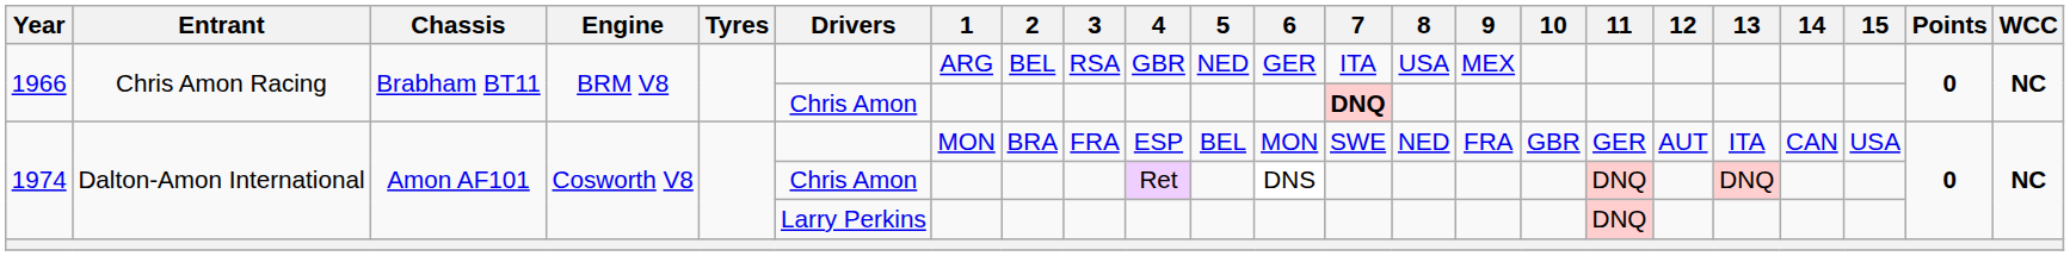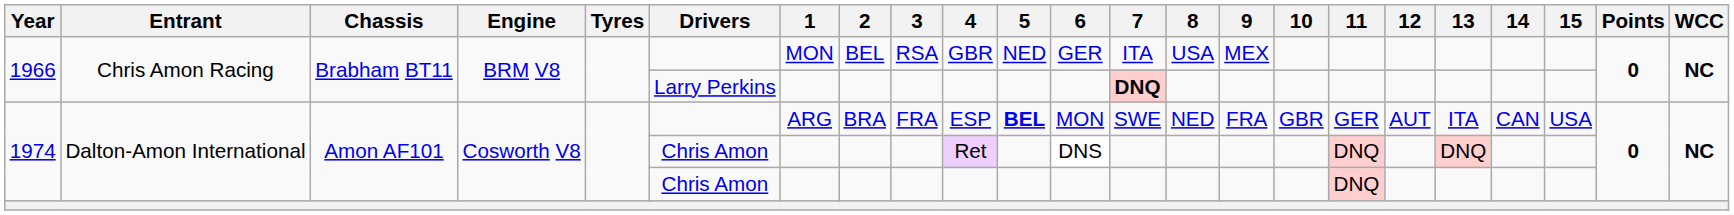 <table class="wikitable" style="text-align:center; font-size:85%">
 <tr>
 <th>Year</th>
 <th>Entrant</th>
 <th>Chassis</th>
 <th>Engine</th>
 <th>Tyres</th>
 <th>Drivers</th>
 <th>1</th>
 <th>2</th>
 <th>3</th>
 <th>4</th>
 <th>5</th>
 <th>6</th>
 <th>7</th>
 <th>8</th>
 <th>9</th>
 <th>10</th>
 <th>11</th>
 <th>12</th>
 <th>13</th>
 <th>14</th>
 <th>15</th>
 <th>Points</th>
 <th>WCC</th>
 </tr>
 <tr>
 <td rowspan="2"><a href='#'>1966</a></td>
 <td rowspan="2">Chris Amon Racing</td>
 <td rowspan="2"><a href='#'>Brabham</a> <a href='#'>BT11</a></td>
 <td rowspan="2"><a href='#'>BRM</a> <a href='#'>V8</a></td>
 <td rowspan="2"></td>
 <td></td>
-<td><a href='#'>ARG</a></td>
+<td><a href='#'>MON</a></td>
 <td><a href='#'>BEL</a></td>
 <td><a href='#'>RSA</a></td>
 <td><a href='#'>GBR</a></td>
 <td><a href='#'>NED</a></td>
 <td><a href='#'>GER</a></td>
 <td><a href='#'>ITA</a></td>
 <td><a href='#'>USA</a></td>
 <td><a href='#'>MEX</a></td>
 <td></td>
 <td></td>
 <td></td>
 <td></td>
 <td></td>
 <td></td>
 <td rowspan="2"><strong>0</strong></td>
 <td rowspan="2"><strong>NC</strong></td>
 </tr>
 <tr>
-<td><a href='#'>Chris Amon</a></td>
+<td><a href='#'>Larry Perkins</a></td>
 <td></td>
 <td></td>
 <td></td>
 <td></td>
 <td></td>
 <td></td>
 <td style="background:#FFCFCF;"><strong>DNQ</strong></td>
 <td></td>
 <td></td>
 <td></td>
 <td></td>
 <td></td>
 <td></td>
 <td></td>
 <td></td>
 </tr>
 <tr>
 <td rowspan="3"><a href='#'>1974</a></td>
 <td rowspan="3">Dalton-Amon International</td>
 <td rowspan="3"><a href='#'>Amon AF101</a></td>
 <td rowspan="3"><a href='#'>Cosworth</a> <a href='#'>V8</a></td>
 <td rowspan="3"></td>
 <td></td>
-<td><a href='#'>MON</a></td>
+<td><a href='#'>ARG</a></td>
 <td><a href='#'>BRA</a></td>
 <td><a href='#'>FRA</a></td>
 <td><a href='#'>ESP</a></td>
-<td><a href='#'>BEL</a></td>
+<td><strong><a href='#'>BEL</a></strong></td>
 <td><a href='#'>MON</a></td>
 <td><a href='#'>SWE</a></td>
 <td><a href='#'>NED</a></td>
 <td><a href='#'>FRA</a></td>
 <td><a href='#'>GBR</a></td>
 <td><a href='#'>GER</a></td>
 <td><a href='#'>AUT</a></td>
 <td><a href='#'>ITA</a></td>
 <td><a href='#'>CAN</a></td>
 <td><a href='#'>USA</a></td>
 <td rowspan="3"><strong>0</strong></td>
 <td rowspan="3"><strong>NC</strong></td>
 </tr>
 <tr>
 <td><a href='#'>Chris Amon</a></td>
 <td></td>
 <td></td>
 <td></td>
 <td style="background:#efcfff;">Ret</td>
 <td></td>
 <td style="background:#ffffff;">DNS</td>
 <td></td>
 <td></td>
 <td></td>
 <td></td>
 <td style="background:#ffcfcf;">DNQ</td>
 <td></td>
 <td style="background:#ffcfcf;">DNQ</td>
 <td></td>
 <td></td>
 </tr>
 <tr>
-<td><a href='#'>Larry Perkins</a></td>
+<td><a href='#'>Chris Amon</a></td>
 <td></td>
 <td></td>
 <td></td>
 <td></td>
 <td></td>
 <td></td>
 <td></td>
 <td></td>
 <td></td>
 <td></td>
 <td style="background:#ffcfcf;">DNQ</td>
 <td></td>
 <td></td>
 <td></td>
 <td></td>
 </tr>
 <tr>
 <th colspan="23"></th>
 </tr>
 </table>
